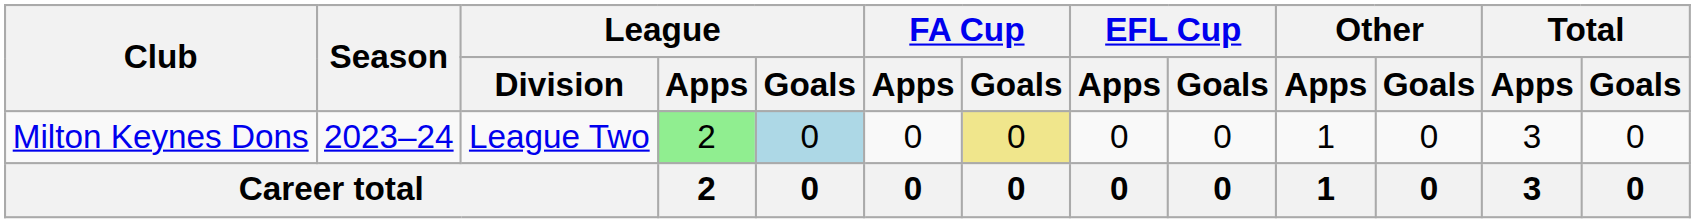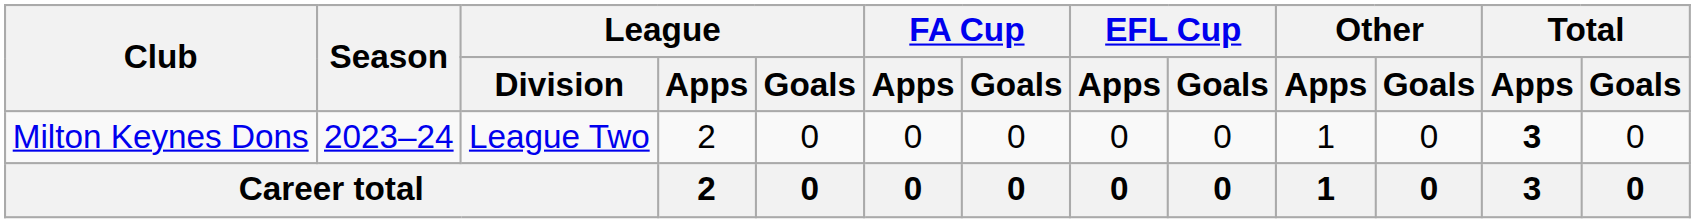 <table class="wikitable" style="text-align: center">
 <tr>
 <th rowspan="2">Club</th>
 <th rowspan="2">Season</th>
 <th colspan="3">League</th>
 <th colspan="2"><a href='#'>FA Cup</a></th>
 <th colspan="2"><a href='#'>EFL Cup</a></th>
 <th colspan="2">Other</th>
 <th colspan="2">Total</th>
 </tr>
 <tr>
 <th>Division</th>
 <th>Apps</th>
 <th>Goals</th>
 <th>Apps</th>
 <th>Goals</th>
 <th>Apps</th>
 <th>Goals</th>
 <th>Apps</th>
 <th>Goals</th>
 <th>Apps</th>
 <th>Goals</th>
 </tr>
 <tr>
 <td><a href='#'>Milton Keynes Dons</a></td>
 <td><a href='#'>2023–24</a></td>
 <td><a href='#'>League Two</a></td>
-<td style="background: lightgreen;">2</td>
-<td style="background: lightblue;">0</td>
+<td>2</td>
 <td>0</td>
-<td style="background: khaki;">0</td>
+<td>0</td>
+<td>0</td>
 <td>0</td>
 <td>0</td>
 <td>1</td>
 <td>0</td>
-<td>3</td>
+<td><strong>3</strong></td>
 <td>0</td>
 </tr>
 <tr>
 <th colspan="3">Career total</th>
 <th>2</th>
 <th>0</th>
 <th>0</th>
 <th>0</th>
 <th>0</th>
 <th>0</th>
 <th>1</th>
 <th>0</th>
 <th>3</th>
 <th>0</th>
 </tr>
 </table>
